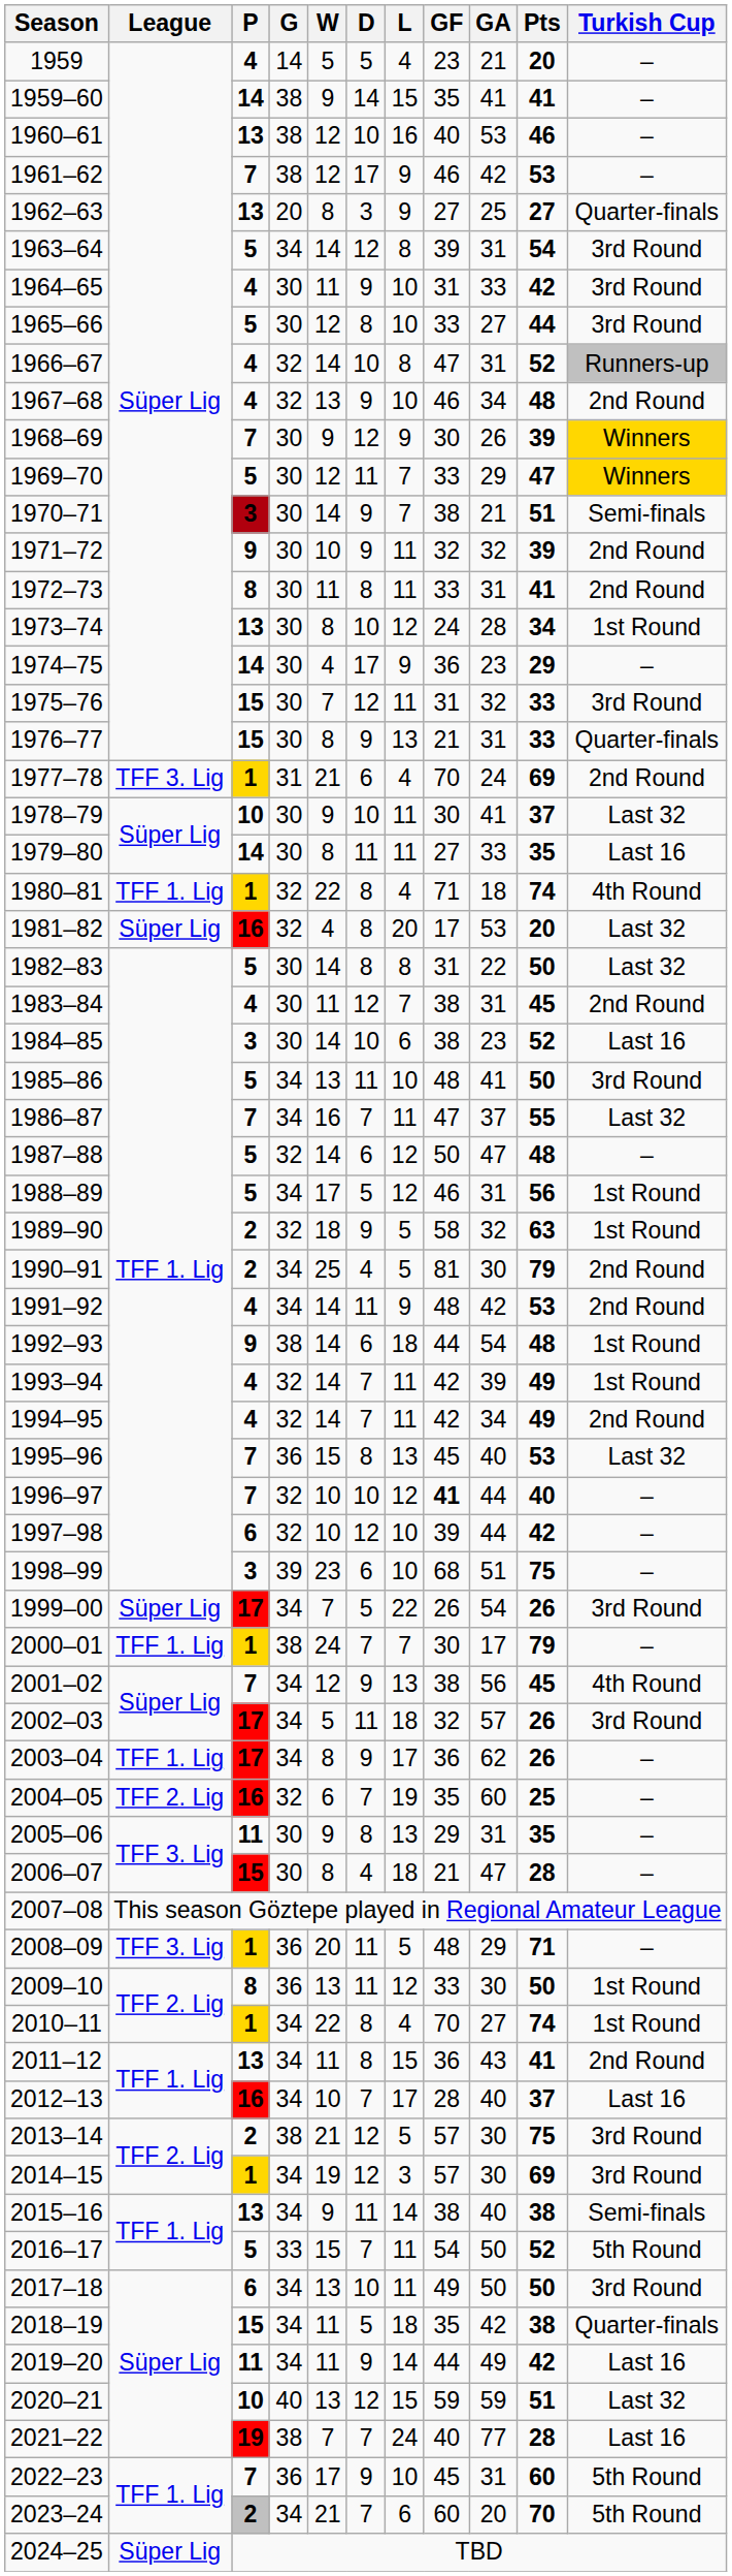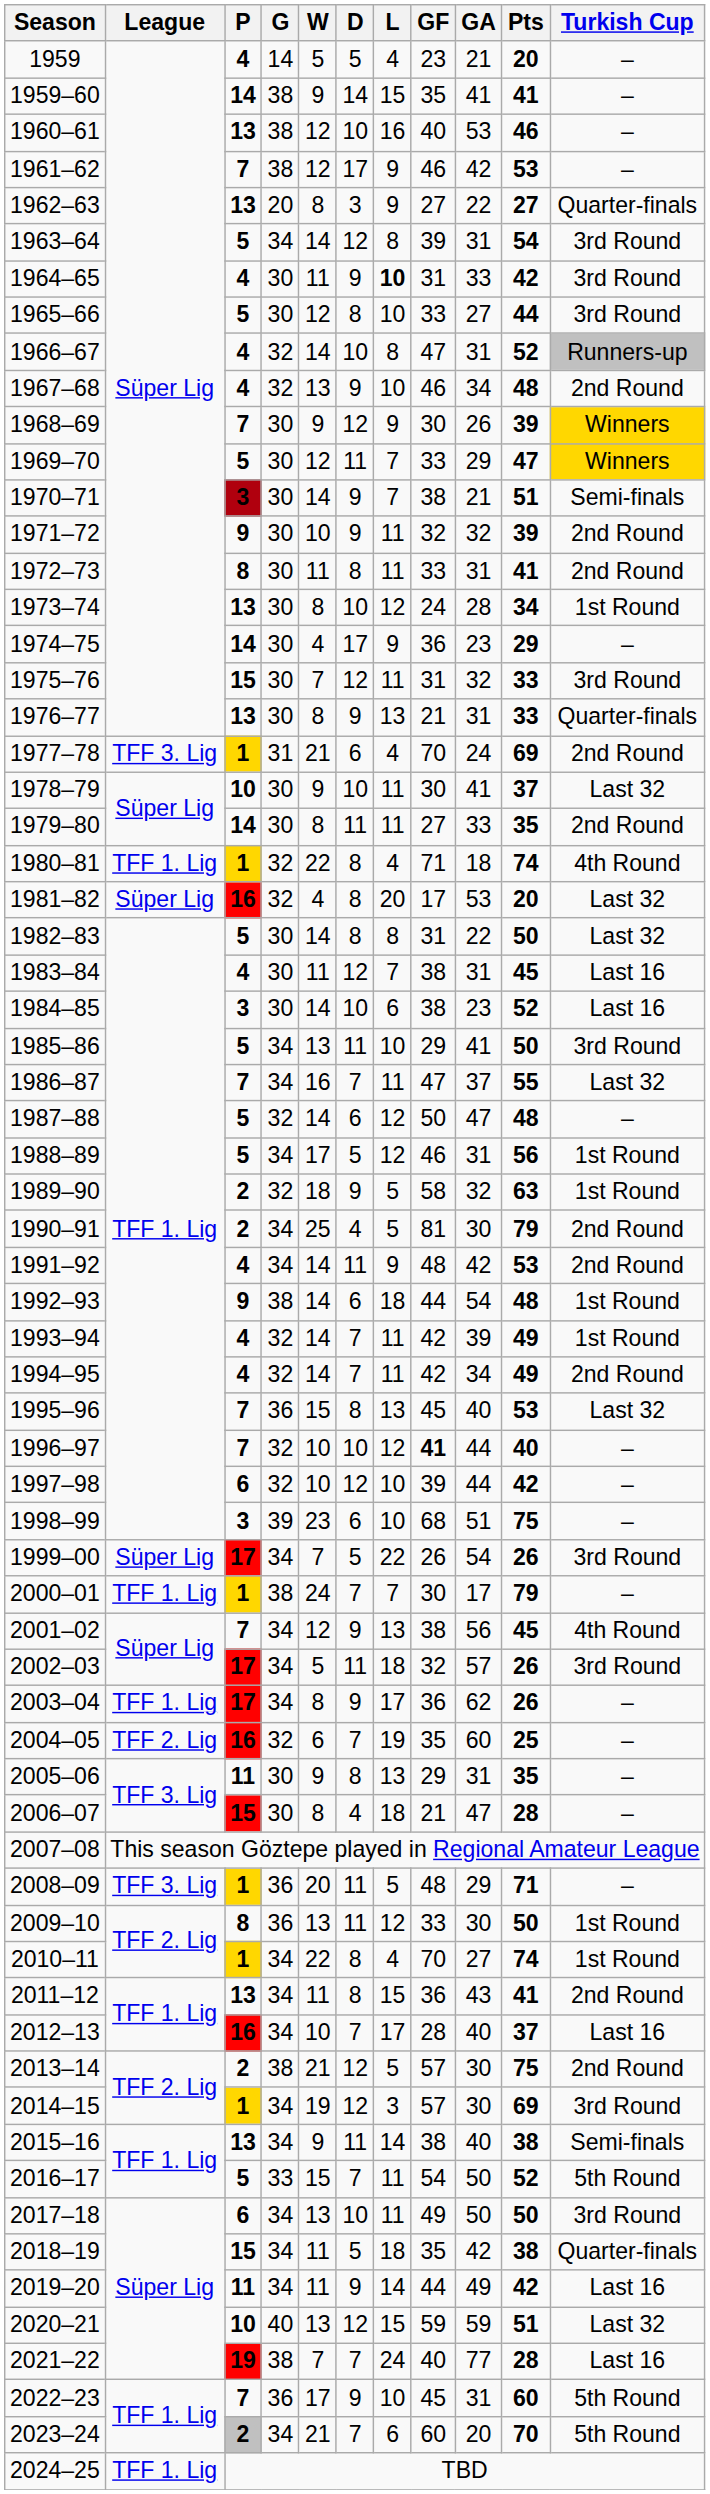 <table class="wikitable" style="text-align:center;">
 <tr>
 <th style=>Season</th>
 <th style=>League</th>
 <th style=>P</th>
 <th style=>G</th>
 <th style=>W</th>
 <th style=>D</th>
 <th style=>L</th>
 <th style=>GF</th>
 <th style=>GA</th>
 <th style=>Pts</th>
 <th style=><a href='#'>Turkish Cup</a></th>
 </tr>
 <tr>
 <td>1959</td>
 <td rowspan="19"><a href='#'>Süper Lig</a></td>
 <td><strong>4</strong></td>
 <td>14</td>
 <td>5</td>
 <td>5</td>
 <td>4</td>
 <td>23</td>
 <td>21</td>
 <td><strong>20</strong></td>
 <td>–</td>
 </tr>
 <tr>
 <td>1959–60</td>
 <td><strong>14</strong></td>
 <td>38</td>
 <td>9</td>
 <td>14</td>
 <td>15</td>
 <td>35</td>
 <td>41</td>
 <td><strong>41</strong></td>
 <td>–</td>
 </tr>
 <tr>
 <td>1960–61</td>
 <td><strong>13</strong></td>
 <td>38</td>
 <td>12</td>
 <td>10</td>
 <td>16</td>
 <td>40</td>
 <td>53</td>
 <td><strong>46</strong></td>
 <td>–</td>
 </tr>
 <tr>
 <td>1961–62</td>
 <td><strong>7</strong></td>
 <td>38</td>
 <td>12</td>
 <td>17</td>
 <td>9</td>
 <td>46</td>
 <td>42</td>
 <td><strong>53</strong></td>
 <td>–</td>
 </tr>
 <tr>
 <td>1962–63</td>
 <td><strong>13</strong></td>
 <td>20</td>
 <td>8</td>
 <td>3</td>
 <td>9</td>
 <td>27</td>
-<td>25</td>
+<td>22</td>
 <td><strong>27</strong></td>
 <td>Quarter-finals</td>
 </tr>
 <tr>
 <td>1963–64</td>
 <td><strong>5</strong></td>
 <td>34</td>
 <td>14</td>
 <td>12</td>
 <td>8</td>
 <td>39</td>
 <td>31</td>
 <td><strong>54</strong></td>
 <td>3rd Round</td>
 </tr>
 <tr>
 <td>1964–65</td>
 <td><strong>4</strong></td>
 <td>30</td>
 <td>11</td>
 <td>9</td>
-<td>10</td>
+<td><strong>10</strong></td>
 <td>31</td>
 <td>33</td>
 <td><strong>42</strong></td>
 <td>3rd Round</td>
 </tr>
 <tr>
 <td>1965–66</td>
 <td><strong>5</strong></td>
 <td>30</td>
 <td>12</td>
 <td>8</td>
 <td>10</td>
 <td>33</td>
 <td>27</td>
 <td><strong>44</strong></td>
 <td>3rd Round</td>
 </tr>
 <tr>
 <td>1966–67</td>
 <td><strong>4</strong></td>
 <td>32</td>
 <td>14</td>
 <td>10</td>
 <td>8</td>
 <td>47</td>
 <td>31</td>
 <td><strong>52</strong></td>
 <td bgcolor=silver>Runners-up</td>
 </tr>
 <tr>
 <td>1967–68</td>
 <td><strong>4</strong></td>
 <td>32</td>
 <td>13</td>
 <td>9</td>
 <td>10</td>
 <td>46</td>
 <td>34</td>
 <td><strong>48</strong></td>
 <td>2nd Round</td>
 </tr>
 <tr>
 <td>1968–69</td>
 <td><strong>7</strong></td>
 <td>30</td>
 <td>9</td>
 <td>12</td>
 <td>9</td>
 <td>30</td>
 <td>26</td>
 <td><strong>39</strong></td>
 <td bgcolor=gold>Winners</td>
 </tr>
 <tr>
 <td>1969–70</td>
 <td><strong>5</strong></td>
 <td>30</td>
 <td>12</td>
 <td>11</td>
 <td>7</td>
 <td>33</td>
 <td>29</td>
 <td><strong>47</strong></td>
 <td bgcolor=gold>Winners</td>
 </tr>
 <tr>
 <td>1970–71</td>
 <td bgcolor=bronze><strong>3</strong></td>
 <td>30</td>
 <td>14</td>
 <td>9</td>
 <td>7</td>
 <td>38</td>
 <td>21</td>
 <td><strong>51</strong></td>
 <td>Semi-finals</td>
 </tr>
 <tr>
 <td>1971–72</td>
 <td><strong>9</strong></td>
 <td>30</td>
 <td>10</td>
 <td>9</td>
 <td>11</td>
 <td>32</td>
 <td>32</td>
 <td><strong>39</strong></td>
 <td>2nd Round</td>
 </tr>
 <tr>
 <td>1972–73</td>
 <td><strong>8</strong></td>
 <td>30</td>
 <td>11</td>
 <td>8</td>
 <td>11</td>
 <td>33</td>
 <td>31</td>
 <td><strong>41</strong></td>
 <td>2nd Round</td>
 </tr>
 <tr>
 <td>1973–74</td>
 <td><strong>13</strong></td>
 <td>30</td>
 <td>8</td>
 <td>10</td>
 <td>12</td>
 <td>24</td>
 <td>28</td>
 <td><strong>34</strong></td>
 <td>1st Round</td>
 </tr>
 <tr>
 <td>1974–75</td>
 <td><strong>14</strong></td>
 <td>30</td>
 <td>4</td>
 <td>17</td>
 <td>9</td>
 <td>36</td>
 <td>23</td>
 <td><strong>29</strong></td>
 <td>–</td>
 </tr>
 <tr>
 <td>1975–76</td>
 <td><strong>15</strong></td>
 <td>30</td>
 <td>7</td>
 <td>12</td>
 <td>11</td>
 <td>31</td>
 <td>32</td>
 <td><strong>33</strong></td>
 <td>3rd Round</td>
 </tr>
 <tr>
 <td>1976–77</td>
-<td><strong>15</strong></td>
+<td><strong>13</strong></td>
 <td>30</td>
 <td>8</td>
 <td>9</td>
 <td>13</td>
 <td>21</td>
 <td>31</td>
 <td><strong>33</strong></td>
 <td>Quarter-finals</td>
 </tr>
 <tr>
 <td>1977–78</td>
 <td><a href='#'>TFF 3. Lig</a></td>
 <td bgcolor=gold><strong>1</strong></td>
 <td>31</td>
 <td>21</td>
 <td>6</td>
 <td>4</td>
 <td>70</td>
 <td>24</td>
 <td><strong>69</strong></td>
 <td>2nd Round</td>
 </tr>
 <tr>
 <td>1978–79</td>
 <td rowspan="2"><a href='#'>Süper Lig</a></td>
 <td><strong>10</strong></td>
 <td>30</td>
 <td>9</td>
 <td>10</td>
 <td>11</td>
 <td>30</td>
 <td>41</td>
 <td><strong>37</strong></td>
 <td>Last 32</td>
 </tr>
 <tr>
 <td>1979–80</td>
 <td><strong>14</strong></td>
 <td>30</td>
 <td>8</td>
 <td>11</td>
 <td>11</td>
 <td>27</td>
 <td>33</td>
 <td><strong>35</strong></td>
-<td>Last 16</td>
+<td>2nd Round</td>
 </tr>
 <tr>
 <td>1980–81</td>
 <td><a href='#'>TFF 1. Lig</a></td>
 <td bgcolor=gold><strong>1</strong></td>
 <td>32</td>
 <td>22</td>
 <td>8</td>
 <td>4</td>
 <td>71</td>
 <td>18</td>
 <td><strong>74</strong></td>
 <td>4th Round</td>
 </tr>
 <tr>
 <td>1981–82</td>
 <td><a href='#'>Süper Lig</a></td>
 <td bgcolor=red><strong>16</strong></td>
 <td>32</td>
 <td>4</td>
 <td>8</td>
 <td>20</td>
 <td>17</td>
 <td>53</td>
 <td><strong>20</strong></td>
 <td>Last 32</td>
 </tr>
 <tr>
 <td>1982–83</td>
 <td rowspan="17"><a href='#'>TFF 1. Lig</a></td>
 <td><strong>5</strong></td>
 <td>30</td>
 <td>14</td>
 <td>8</td>
 <td>8</td>
 <td>31</td>
 <td>22</td>
 <td><strong>50</strong></td>
 <td>Last 32</td>
 </tr>
 <tr>
 <td>1983–84</td>
 <td><strong>4</strong></td>
 <td>30</td>
 <td>11</td>
 <td>12</td>
 <td>7</td>
 <td>38</td>
 <td>31</td>
 <td><strong>45</strong></td>
-<td>2nd Round</td>
+<td>Last 16</td>
 </tr>
 <tr>
 <td>1984–85</td>
 <td><strong>3</strong></td>
 <td>30</td>
 <td>14</td>
 <td>10</td>
 <td>6</td>
 <td>38</td>
 <td>23</td>
 <td><strong>52</strong></td>
 <td>Last 16</td>
 </tr>
 <tr>
 <td>1985–86</td>
 <td><strong>5</strong></td>
 <td>34</td>
 <td>13</td>
 <td>11</td>
 <td>10</td>
-<td>48</td>
+<td>29</td>
 <td>41</td>
 <td><strong>50</strong></td>
 <td>3rd Round</td>
 </tr>
 <tr>
 <td>1986–87</td>
 <td><strong>7</strong></td>
 <td>34</td>
 <td>16</td>
 <td>7</td>
 <td>11</td>
 <td>47</td>
 <td>37</td>
 <td><strong>55</strong></td>
 <td>Last 32</td>
 </tr>
 <tr>
 <td>1987–88</td>
 <td><strong>5</strong></td>
 <td>32</td>
 <td>14</td>
 <td>6</td>
 <td>12</td>
 <td>50</td>
 <td>47</td>
 <td><strong>48</strong></td>
 <td>–</td>
 </tr>
 <tr>
 <td>1988–89</td>
 <td><strong>5</strong></td>
 <td>34</td>
 <td>17</td>
 <td>5</td>
 <td>12</td>
 <td>46</td>
 <td>31</td>
 <td><strong>56</strong></td>
 <td>1st Round</td>
 </tr>
 <tr>
 <td>1989–90</td>
 <td><strong>2</strong></td>
 <td>32</td>
 <td>18</td>
 <td>9</td>
 <td>5</td>
 <td>58</td>
 <td>32</td>
 <td><strong>63</strong></td>
 <td>1st Round</td>
 </tr>
 <tr>
 <td>1990–91</td>
 <td><strong>2</strong></td>
 <td>34</td>
 <td>25</td>
 <td>4</td>
 <td>5</td>
 <td>81</td>
 <td>30</td>
 <td><strong>79</strong></td>
 <td>2nd Round</td>
 </tr>
 <tr>
 <td>1991–92</td>
 <td><strong>4</strong></td>
 <td>34</td>
 <td>14</td>
 <td>11</td>
 <td>9</td>
 <td>48</td>
 <td>42</td>
 <td><strong>53</strong></td>
 <td>2nd Round</td>
 </tr>
 <tr>
 <td>1992–93</td>
 <td><strong>9</strong></td>
 <td>38</td>
 <td>14</td>
 <td>6</td>
 <td>18</td>
 <td>44</td>
 <td>54</td>
 <td><strong>48</strong></td>
 <td>1st Round</td>
 </tr>
 <tr>
 <td>1993–94</td>
 <td><strong>4</strong></td>
 <td>32</td>
 <td>14</td>
 <td>7</td>
 <td>11</td>
 <td>42</td>
 <td>39</td>
 <td><strong>49</strong></td>
 <td>1st Round</td>
 </tr>
 <tr>
 <td>1994–95</td>
 <td><strong>4</strong></td>
 <td>32</td>
 <td>14</td>
 <td>7</td>
 <td>11</td>
 <td>42</td>
 <td>34</td>
 <td><strong>49</strong></td>
 <td>2nd Round</td>
 </tr>
 <tr>
 <td>1995–96</td>
 <td><strong>7</strong></td>
 <td>36</td>
 <td>15</td>
 <td>8</td>
 <td>13</td>
 <td>45</td>
 <td>40</td>
 <td><strong>53</strong></td>
 <td>Last 32</td>
 </tr>
 <tr>
 <td>1996–97</td>
 <td><strong>7</strong></td>
 <td>32</td>
 <td>10</td>
 <td>10</td>
 <td>12</td>
 <td><strong>41</strong></td>
 <td>44</td>
 <td><strong>40</strong></td>
 <td>–</td>
 </tr>
 <tr>
 <td>1997–98</td>
 <td><strong>6</strong></td>
 <td>32</td>
 <td>10</td>
 <td>12</td>
 <td>10</td>
 <td>39</td>
 <td>44</td>
 <td><strong>42</strong></td>
 <td>–</td>
 </tr>
 <tr>
 <td>1998–99</td>
 <td><strong>3</strong></td>
 <td>39</td>
 <td>23</td>
 <td>6</td>
 <td>10</td>
 <td>68</td>
 <td>51</td>
 <td><strong>75</strong></td>
 <td>–</td>
 </tr>
 <tr>
 <td>1999–00</td>
 <td><a href='#'>Süper Lig</a></td>
 <td bgcolor=red><strong>17</strong></td>
 <td>34</td>
 <td>7</td>
 <td>5</td>
 <td>22</td>
 <td>26</td>
 <td>54</td>
 <td><strong>26</strong></td>
 <td>3rd Round</td>
 </tr>
 <tr>
 <td>2000–01</td>
 <td><a href='#'>TFF 1. Lig</a></td>
 <td bgcolor=gold><strong>1</strong></td>
 <td>38</td>
 <td>24</td>
 <td>7</td>
 <td>7</td>
 <td>30</td>
 <td>17</td>
 <td><strong>79</strong></td>
 <td>–</td>
 </tr>
 <tr>
 <td>2001–02</td>
 <td rowspan="2"><a href='#'>Süper Lig</a></td>
 <td><strong>7</strong></td>
 <td>34</td>
 <td>12</td>
 <td>9</td>
 <td>13</td>
 <td>38</td>
 <td>56</td>
 <td><strong>45</strong></td>
 <td>4th Round</td>
 </tr>
 <tr>
 <td>2002–03</td>
 <td bgcolor=red><strong>17</strong></td>
 <td>34</td>
 <td>5</td>
 <td>11</td>
 <td>18</td>
 <td>32</td>
 <td>57</td>
 <td><strong>26</strong></td>
 <td>3rd Round</td>
 </tr>
 <tr>
 <td>2003–04</td>
 <td><a href='#'>TFF 1. Lig</a></td>
 <td bgcolor=red><strong>17</strong></td>
 <td>34</td>
 <td>8</td>
 <td>9</td>
 <td>17</td>
 <td>36</td>
 <td>62</td>
 <td><strong>26</strong></td>
 <td>–</td>
 </tr>
 <tr>
 <td>2004–05</td>
 <td><a href='#'>TFF 2. Lig</a></td>
 <td bgcolor=red><strong>16</strong></td>
 <td>32</td>
 <td>6</td>
 <td>7</td>
 <td>19</td>
 <td>35</td>
 <td>60</td>
 <td><strong>25</strong></td>
 <td>–</td>
 </tr>
 <tr>
 <td>2005–06</td>
 <td rowspan="2"><a href='#'>TFF 3. Lig</a></td>
 <td><strong>11</strong></td>
 <td>30</td>
 <td>9</td>
 <td>8</td>
 <td>13</td>
 <td>29</td>
 <td>31</td>
 <td><strong>35</strong></td>
 <td>–</td>
 </tr>
 <tr>
 <td>2006–07</td>
 <td bgcolor=red><strong>15</strong></td>
 <td>30</td>
 <td>8</td>
 <td>4</td>
 <td>18</td>
 <td>21</td>
 <td>47</td>
 <td><strong>28</strong></td>
 <td>–</td>
 </tr>
 <tr>
 <td>2007–08</td>
 <td colspan="12">This season Göztepe played in <a href='#'>Regional Amateur League</a></td>
 </tr>
 <tr>
 <td>2008–09</td>
 <td><a href='#'>TFF 3. Lig</a></td>
 <td bgcolor=gold><strong>1</strong></td>
 <td>36</td>
 <td>20</td>
 <td>11</td>
 <td>5</td>
 <td>48</td>
 <td>29</td>
 <td><strong>71</strong></td>
 <td>–</td>
 </tr>
 <tr>
 <td>2009–10</td>
 <td rowspan="2"><a href='#'>TFF 2. Lig</a></td>
 <td><strong>8</strong></td>
 <td>36</td>
 <td>13</td>
 <td>11</td>
 <td>12</td>
 <td>33</td>
 <td>30</td>
 <td><strong>50</strong></td>
 <td>1st Round</td>
 </tr>
 <tr>
 <td>2010–11</td>
 <td bgcolor=gold><strong>1</strong></td>
 <td>34</td>
 <td>22</td>
 <td>8</td>
 <td>4</td>
 <td>70</td>
 <td>27</td>
 <td><strong>74</strong></td>
 <td>1st Round</td>
 </tr>
 <tr>
 <td>2011–12</td>
 <td rowspan="2"><a href='#'>TFF 1. Lig</a></td>
 <td><strong>13</strong></td>
 <td>34</td>
 <td>11</td>
 <td>8</td>
 <td>15</td>
 <td>36</td>
 <td>43</td>
 <td><strong>41</strong></td>
 <td>2nd Round</td>
 </tr>
 <tr>
 <td>2012–13</td>
 <td bgcolor=red><strong>16</strong></td>
 <td>34</td>
 <td>10</td>
 <td>7</td>
 <td>17</td>
 <td>28</td>
 <td>40</td>
 <td><strong>37</strong></td>
 <td>Last 16</td>
 </tr>
 <tr>
 <td>2013–14</td>
 <td rowspan="2"><a href='#'>TFF 2. Lig</a></td>
 <td><strong>2</strong></td>
 <td>38</td>
 <td>21</td>
 <td>12</td>
 <td>5</td>
 <td>57</td>
 <td>30</td>
 <td><strong>75</strong></td>
-<td>3rd Round</td>
+<td>2nd Round</td>
 </tr>
 <tr>
 <td>2014–15</td>
 <td bgcolor=gold><strong>1</strong></td>
 <td>34</td>
 <td>19</td>
 <td>12</td>
 <td>3</td>
 <td>57</td>
 <td>30</td>
 <td><strong>69</strong></td>
 <td>3rd Round</td>
 </tr>
 <tr>
 <td>2015–16</td>
 <td rowspan="2"><a href='#'>TFF 1. Lig</a></td>
 <td><strong>13</strong></td>
 <td>34</td>
 <td>9</td>
 <td>11</td>
 <td>14</td>
 <td>38</td>
 <td>40</td>
 <td><strong>38</strong></td>
 <td>Semi-finals</td>
 </tr>
 <tr>
 <td>2016–17</td>
 <td><strong>5</strong></td>
 <td>33</td>
 <td>15</td>
 <td>7</td>
 <td>11</td>
 <td>54</td>
 <td>50</td>
 <td><strong>52</strong></td>
 <td>5th Round</td>
 </tr>
 <tr>
 <td>2017–18</td>
 <td rowspan="5"><a href='#'>Süper Lig</a></td>
 <td><strong>6</strong></td>
 <td>34</td>
 <td>13</td>
 <td>10</td>
 <td>11</td>
 <td>49</td>
 <td>50</td>
 <td><strong>50</strong></td>
 <td>3rd Round</td>
 </tr>
 <tr>
 <td>2018–19</td>
 <td><strong>15</strong></td>
 <td>34</td>
 <td>11</td>
 <td>5</td>
 <td>18</td>
 <td>35</td>
 <td>42</td>
 <td><strong>38</strong></td>
 <td>Quarter-finals</td>
 </tr>
 <tr>
 <td>2019–20</td>
 <td><strong>11</strong></td>
 <td>34</td>
 <td>11</td>
 <td>9</td>
 <td>14</td>
 <td>44</td>
 <td>49</td>
 <td><strong>42</strong></td>
 <td>Last 16</td>
 </tr>
 <tr>
 <td>2020–21</td>
 <td><strong>10</strong></td>
 <td>40</td>
 <td>13</td>
 <td>12</td>
 <td>15</td>
 <td>59</td>
 <td>59</td>
 <td><strong>51</strong></td>
 <td>Last 32</td>
 </tr>
 <tr>
 <td>2021–22</td>
 <td bgcolor=red><strong>19</strong></td>
 <td>38</td>
 <td>7</td>
 <td>7</td>
 <td>24</td>
 <td>40</td>
 <td>77</td>
 <td><strong>28</strong></td>
 <td>Last 16</td>
 </tr>
 <tr>
 <td>2022–23</td>
 <td rowspan="2"><a href='#'>TFF 1. Lig</a></td>
 <td><strong>7</strong></td>
 <td>36</td>
 <td>17</td>
 <td>9</td>
 <td>10</td>
 <td>45</td>
 <td>31</td>
 <td><strong>60</strong></td>
 <td>5th Round</td>
 </tr>
 <tr>
 <td>2023–24</td>
 <td bgcolor=silver><strong>2</strong></td>
 <td>34</td>
 <td>21</td>
 <td>7</td>
 <td>6</td>
 <td>60</td>
 <td>20</td>
 <td><strong>70</strong></td>
 <td>5th Round</td>
 </tr>
 <tr>
 <td>2024–25</td>
-<td><a href='#'>Süper Lig</a></td>
+<td><a href='#'>TFF 1. Lig</a></td>
 <td colspan="9">TBD</td>
 </tr>
 <tr>
 </tr>
 </table>
